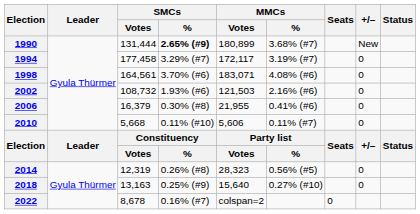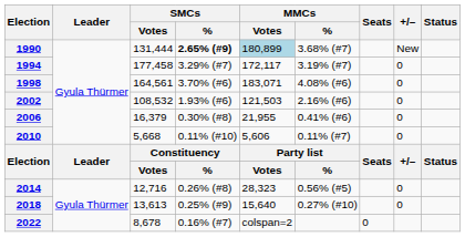 <table class="wikitable">
 <tr>
 <th rowspan=2>Election</th>
 <th rowspan=2>Leader</th>
 <th colspan=2>SMCs</th>
 <th colspan=2>MMCs</th>
 <th rowspan=2>Seats</th>
 <th rowspan=2>+/–</th>
 <th rowspan=2>Status</th>
 </tr>
 <tr>
 <th>Votes</th>
 <th>%</th>
 <th>Votes</th>
 <th>%</th>
 </tr>
 <tr>
 <th><a href='#'>1990</a></th>
 <td rowspan=6><a href='#'>Gyula Thürmer</a></td>
 <td>131,444</td>
 <td><strong>2.65% (#9)</strong></td>
-<td>180,899</td>
+<td style="background: lightblue;">180,899</td>
 <td>3.68% (#7)</td>
 <td></td>
 <td>New</td>
 <td></td>
 </tr>
 <tr>
 <th><a href='#'>1994</a></th>
 <td>177,458</td>
 <td>3.29% (#7)</td>
 <td>172,117</td>
 <td>3.19% (#7)</td>
 <td></td>
 <td> 0</td>
 <td></td>
 </tr>
 <tr>
 <th><a href='#'>1998</a></th>
 <td>164,561</td>
 <td>3.70% (#6)</td>
 <td>183,071</td>
 <td>4.08% (#6)</td>
 <td></td>
 <td> 0</td>
 <td></td>
 </tr>
 <tr>
 <th><a href='#'>2002</a></th>
-<td>108,732</td>
+<td>108,532</td>
 <td>1.93% (#6)</td>
 <td>121,503</td>
 <td>2.16% (#6)</td>
 <td></td>
 <td> 0</td>
 <td></td>
 </tr>
 <tr>
 <th><a href='#'>2006</a></th>
 <td>16,379</td>
 <td>0.30% (#8)</td>
 <td>21,955</td>
 <td>0.41% (#6)</td>
 <td></td>
 <td> 0</td>
 <td></td>
 </tr>
 <tr>
 <th><a href='#'>2010</a></th>
 <td>5,668</td>
 <td>0.11% (#10)</td>
 <td>5,606</td>
 <td>0.11% (#7)</td>
 <td></td>
 <td> 0</td>
 <td></td>
 </tr>
 <tr>
 <th rowspan=2>Election</th>
 <th rowspan=2>Leader</th>
 <th colspan=2>Constituency</th>
 <th colspan=2>Party list</th>
 <th rowspan=2>Seats</th>
 <th rowspan=2>+/–</th>
 <th rowspan=2>Status</th>
 </tr>
 <tr>
 <th>Votes</th>
 <th>%</th>
 <th>Votes</th>
 <th>%</th>
 </tr>
 <tr>
 <th><a href='#'>2014</a></th>
 <td rowspan=3><a href='#'>Gyula Thürmer</a></td>
-<td>12,319</td>
+<td>12,716</td>
 <td>0.26% (#8)</td>
 <td>28,323</td>
 <td>0.56% (#5)</td>
 <td></td>
 <td> 0</td>
 <td></td>
 </tr>
 <tr>
 <th><a href='#'>2018</a></th>
-<td>13,163</td>
+<td>13,613</td>
 <td>0.25% (#9)</td>
 <td>15,640</td>
 <td>0.27% (#10)</td>
 <td></td>
 <td> 0</td>
 <td></td>
 </tr>
 <tr>
 <th><a href='#'>2022</a></th>
 <td>8,678</td>
 <td>0.16% (#7)</td>
 <td>colspan=2 </td>
 <td></td>
 <td> 0</td>
 <td></td>
 </tr>
 </table>
